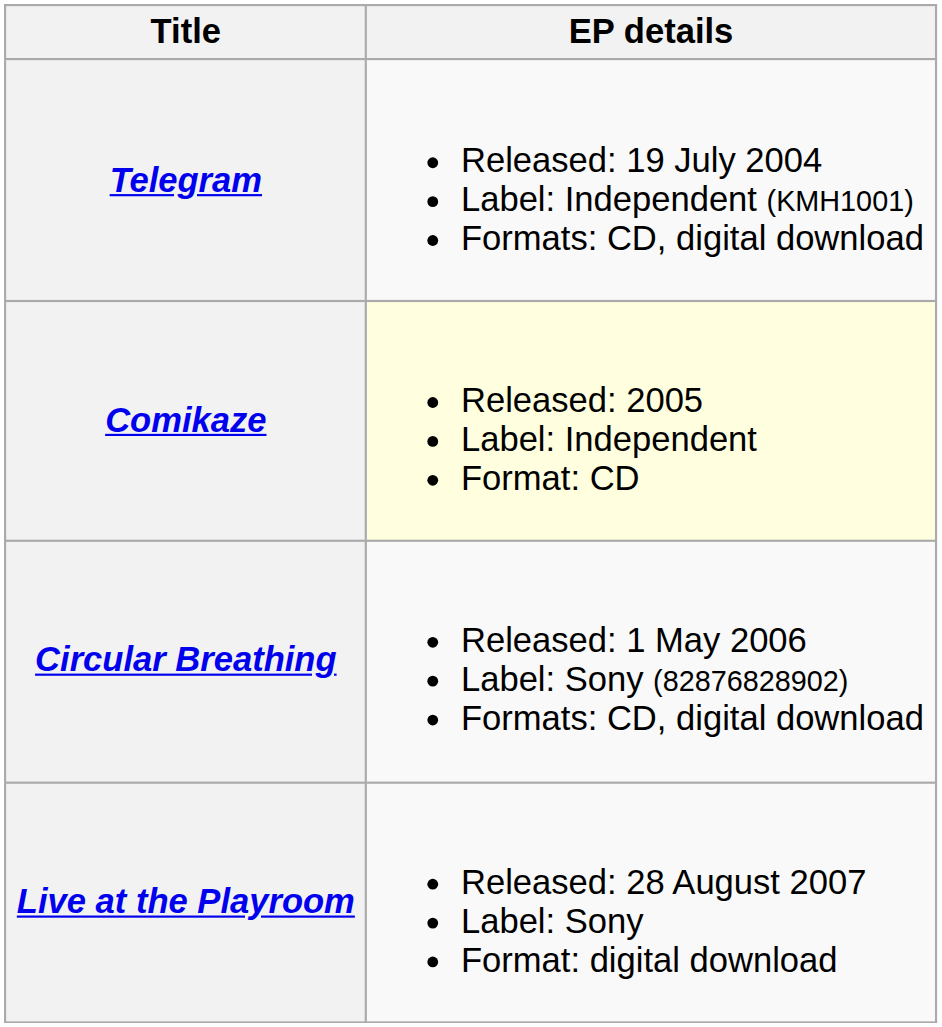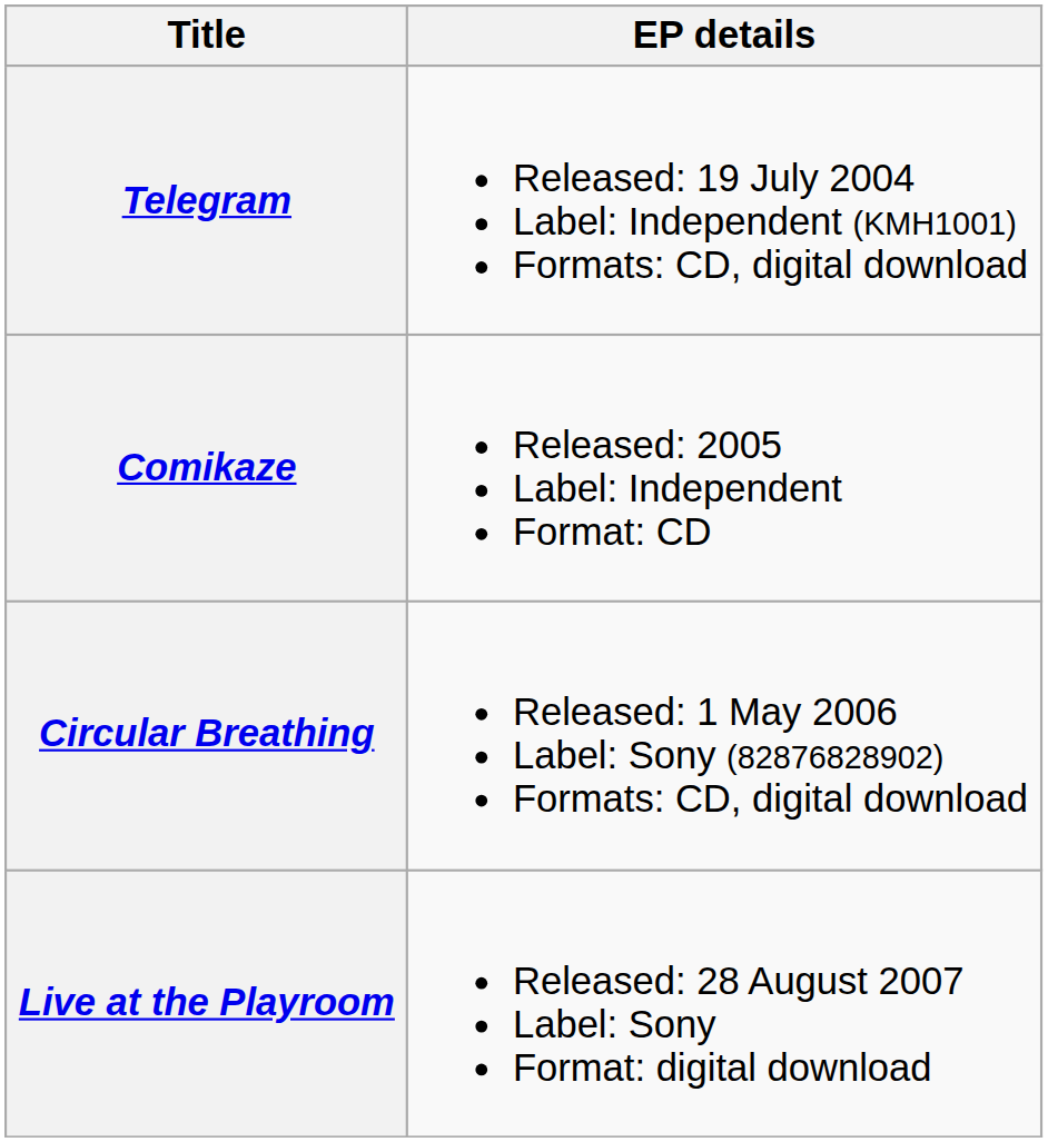 <table class="wikitable plainrowheaders">
 <tr>
 <th scope="col" style="width:10em;">Title</th>
 <th scope="col" style="width:16em;">EP details</th>
 </tr>
 <tr>
 <th scope="row"><em><a href='#'>Telegram</a></em></th>
 <td><br><ul><li>Released: 19 July 2004</li><li>Label: Independent <small>(KMH1001)</small></li><li>Formats: CD, digital download</li></ul></td>
 </tr>
 <tr>
 <th scope="row"><em><a href='#'>Comikaze</a></em></th>
-<td style="background: lightyellow;"><br><ul><li>Released: 2005</li><li>Label: Independent</li><li>Format: CD</li></ul></td>
+<td><br><ul><li>Released: 2005</li><li>Label: Independent</li><li>Format: CD</li></ul></td>
 </tr>
 <tr>
 <th scope="row"><em><a href='#'>Circular Breathing</a></em></th>
 <td><br><ul><li>Released: 1 May 2006</li><li>Label: Sony <small>(82876828902)</small></li><li>Formats: CD, digital download</li></ul></td>
 </tr>
 <tr>
 <th scope="row"><em><a href='#'>Live at the Playroom</a></em></th>
 <td><br><ul><li>Released: 28 August 2007</li><li>Label: Sony</li><li>Format: digital download</li></ul></td>
 </tr>
 </table>
